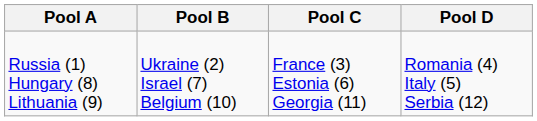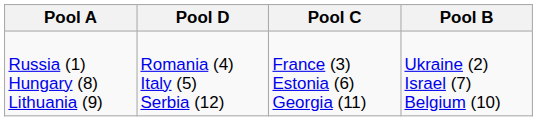 <table class="wikitable" width=80%>
 <tr>
 <th width=25%><strong>Pool A</strong></th>
+<th width=25%><strong>Pool D</strong></th>
+<th width=25%><strong>Pool C</strong></th>
 <th width=25%><strong>Pool B</strong></th>
-<th width=25%><strong>Pool C</strong></th>
-<th width=25%><strong>Pool D</strong></th>
 </tr>
 <tr>
 <td><br> <a href='#'>Russia</a>  (1) <br>  <a href='#'>Hungary</a> (8) <br>  <a href='#'>Lithuania</a> (9) <br></td>
+<td><br> <a href='#'>Romania</a> (4) <br>  <a href='#'>Italy</a> (5) <br>  <a href='#'>Serbia</a> (12) <br></td>
+<td><br> <a href='#'>France</a>  (3) <br>   <a href='#'>Estonia</a>  (6) <br>   <a href='#'>Georgia</a> (11) <br></td>
 <td><br> <a href='#'>Ukraine</a> (2) <br>  <a href='#'>Israel</a> (7)<br>   <a href='#'>Belgium</a> (10)<br></td>
-<td><br> <a href='#'>France</a>  (3) <br>   <a href='#'>Estonia</a>  (6) <br>   <a href='#'>Georgia</a> (11) <br></td>
-<td><br> <a href='#'>Romania</a> (4) <br>  <a href='#'>Italy</a> (5) <br>  <a href='#'>Serbia</a> (12) <br></td>
 </tr>
 </table>
